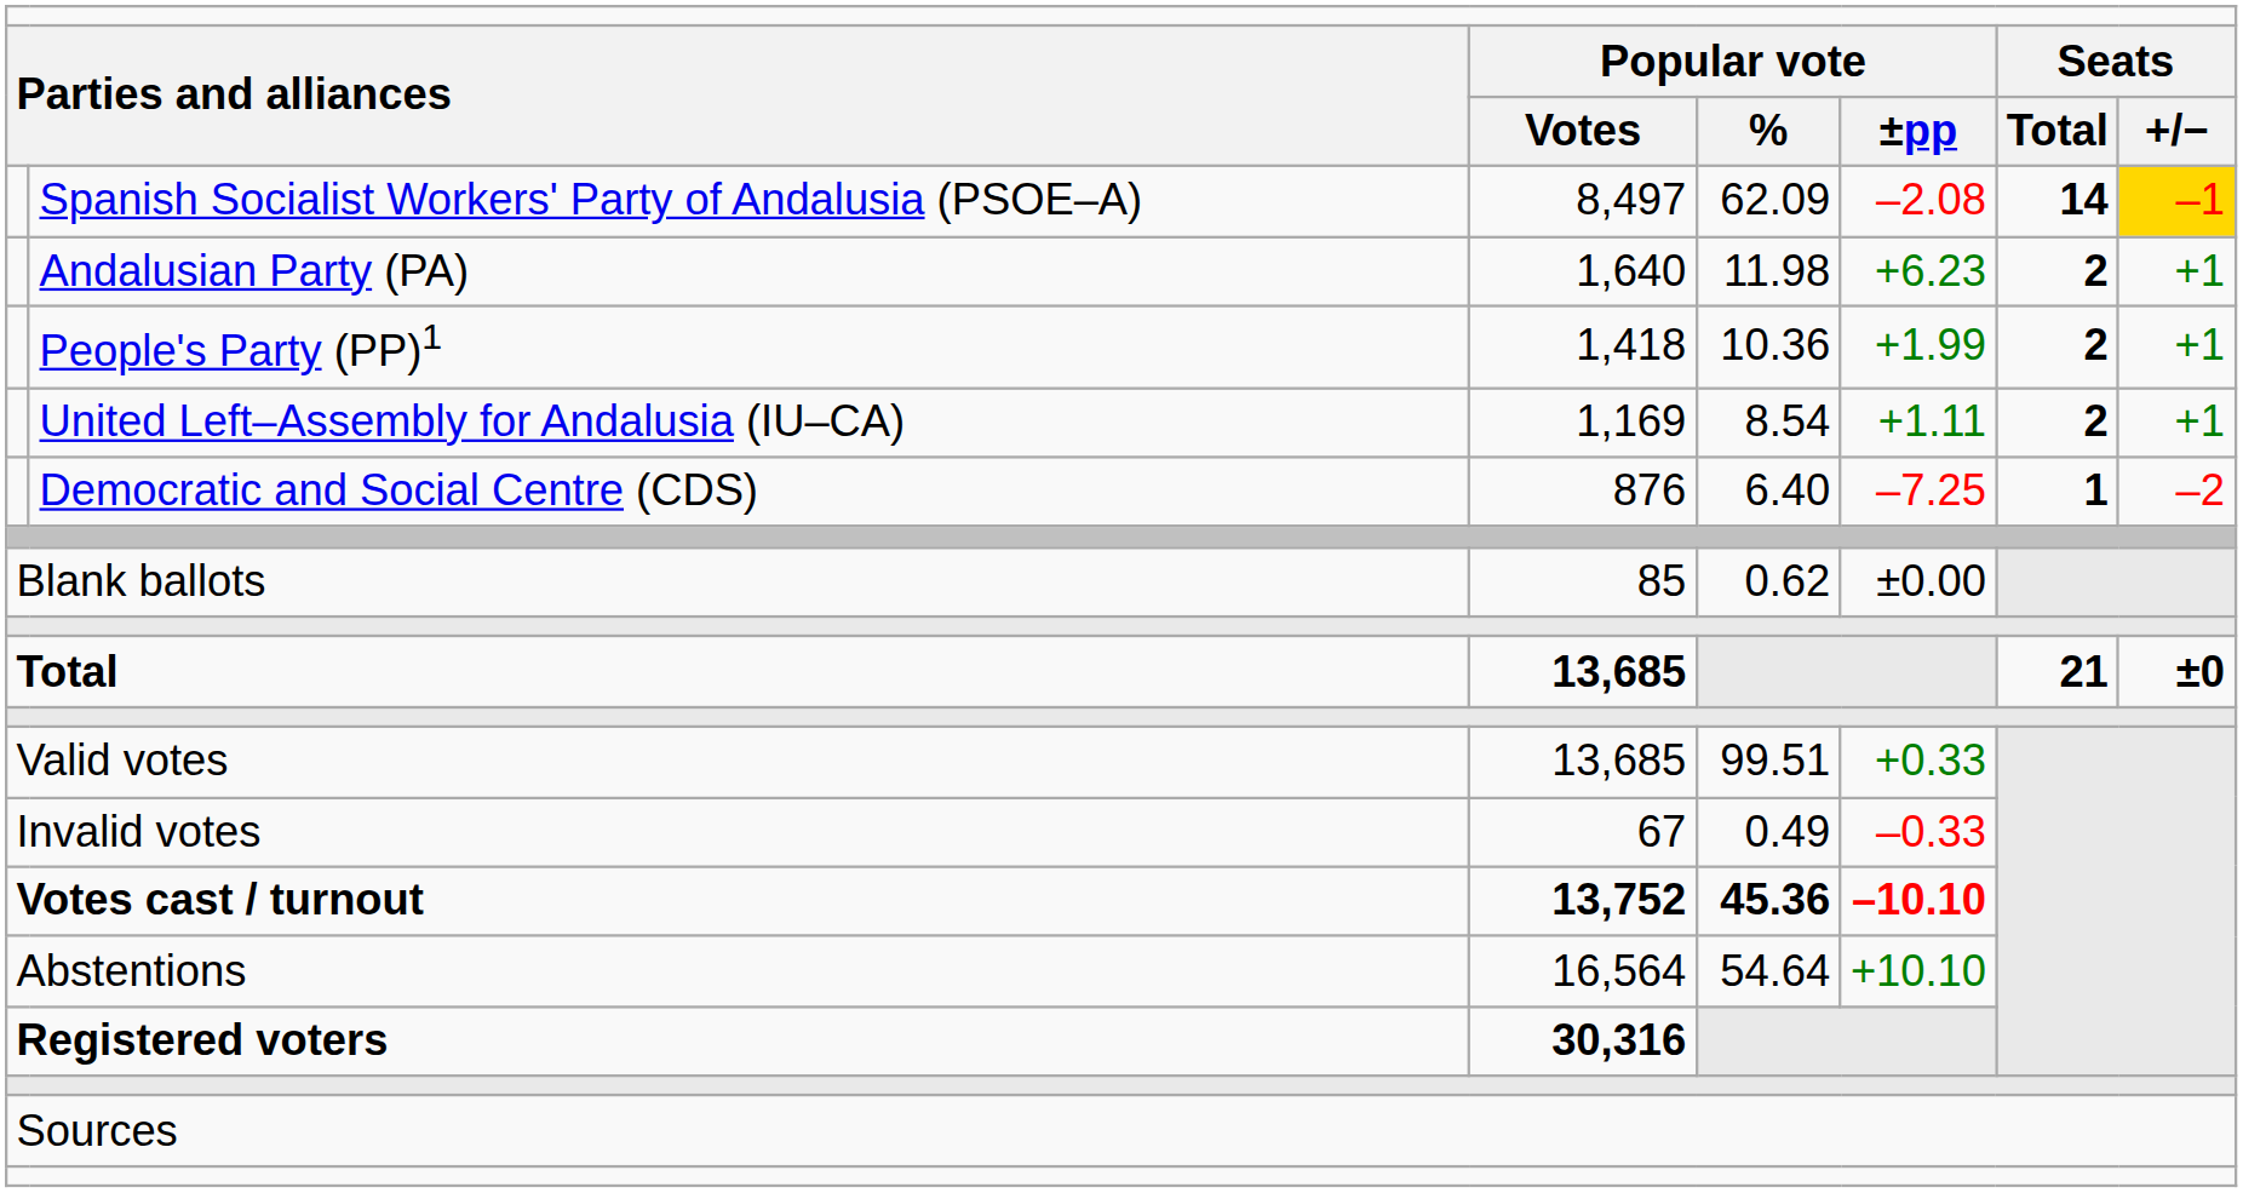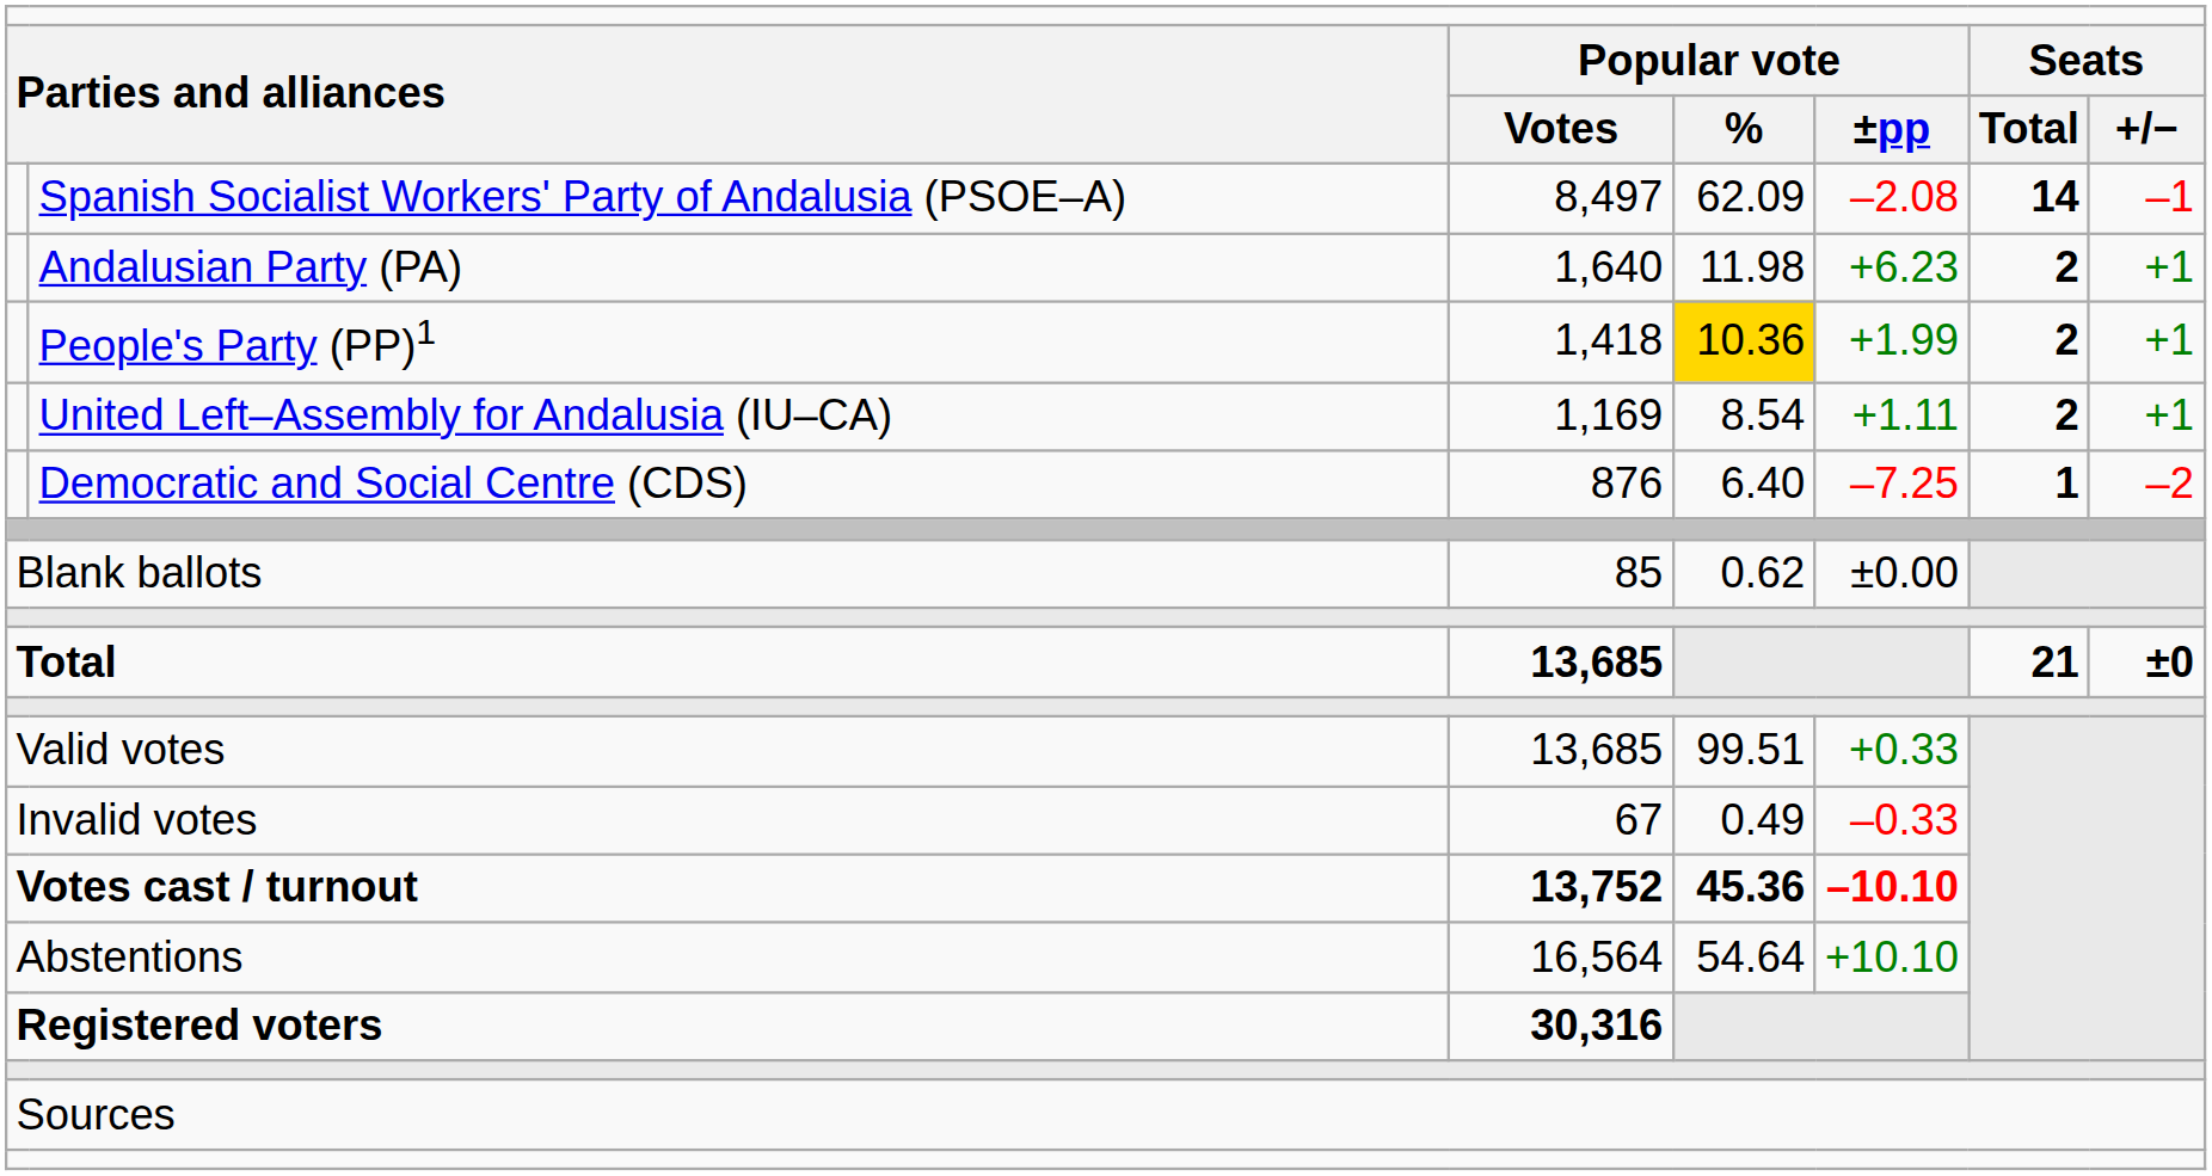 <table class="wikitable" style="text-align:right;">
 <tr>
 <td colspan="7"></td>
 </tr>
 <tr>
 <th style="text-align:left;" rowspan="2" colspan="2" width="525">Parties and alliances</th>
 <th colspan="3">Popular vote</th>
 <th colspan="2">Seats</th>
 </tr>
 <tr>
 <th width="75">Votes</th>
 <th width="45">%</th>
 <th width="45">±<a href='#'>pp</a></th>
 <th width="35">Total</th>
 <th width="35">+/−</th>
 </tr>
 <tr>
 <td width="1" style="color:inherit;background:"></td>
 <td align="left"><a href='#'>Spanish Socialist Workers' Party of Andalusia</a> (PSOE–A)</td>
 <td>8,497</td>
 <td>62.09</td>
 <td style="color:red;">–2.08</td>
 <td><strong>14</strong></td>
-<td style="background: gold; color:red;">–1</td>
+<td style="color:red;">–1</td>
 </tr>
 <tr>
 <td style="color:inherit;background:"></td>
 <td align="left"><a href='#'>Andalusian Party</a> (PA)</td>
 <td>1,640</td>
 <td>11.98</td>
 <td style="color:green;">+6.23</td>
 <td><strong>2</strong></td>
 <td style="color:green;">+1</td>
 </tr>
 <tr>
 <td style="color:inherit;background:"></td>
 <td align="left"><a href='#'>People's Party</a> (PP)<sup>1</sup></td>
 <td>1,418</td>
-<td>10.36</td>
+<td style="background: gold;">10.36</td>
 <td style="color:green;">+1.99</td>
 <td><strong>2</strong></td>
 <td style="color:green;">+1</td>
 </tr>
 <tr>
 <td style="color:inherit;background:"></td>
 <td align="left"><a href='#'>United Left–Assembly for Andalusia</a> (IU–CA)</td>
 <td>1,169</td>
 <td>8.54</td>
 <td style="color:green;">+1.11</td>
 <td><strong>2</strong></td>
 <td style="color:green;">+1</td>
 </tr>
 <tr>
 <td style="color:inherit;background:"></td>
 <td align="left"><a href='#'>Democratic and Social Centre</a> (CDS)</td>
 <td>876</td>
 <td>6.40</td>
 <td style="color:red;">–7.25</td>
 <td><strong>1</strong></td>
 <td style="color:red;">–2</td>
 </tr>
 <tr>
 <td colspan="7" bgcolor="#C0C0C0"></td>
 </tr>
 <tr>
 <td align="left" colspan="2">Blank ballots</td>
 <td>85</td>
 <td>0.62</td>
 <td>±0.00</td>
 <td bgcolor="#E9E9E9" colspan="2"></td>
 </tr>
 <tr>
 <td colspan="7" bgcolor="#E9E9E9"></td>
 </tr>
 <tr style="font-weight:bold;">
 <td align="left" colspan="2">Total</td>
 <td>13,685</td>
 <td bgcolor="#E9E9E9" colspan="2"></td>
 <td>21</td>
 <td>±0</td>
 </tr>
 <tr>
 <td colspan="7" bgcolor="#E9E9E9"></td>
 </tr>
 <tr>
 <td align="left" colspan="2">Valid votes</td>
 <td>13,685</td>
 <td>99.51</td>
 <td style="color:green;">+0.33</td>
 <td bgcolor="#E9E9E9" colspan="2" rowspan="5"></td>
 </tr>
 <tr>
 <td align="left" colspan="2">Invalid votes</td>
 <td>67</td>
 <td>0.49</td>
 <td style="color:red;">–0.33</td>
 </tr>
 <tr style="font-weight:bold;">
 <td align="left" colspan="2">Votes cast / turnout</td>
 <td>13,752</td>
 <td>45.36</td>
 <td style="color:red;">–10.10</td>
 </tr>
 <tr>
 <td align="left" colspan="2">Abstentions</td>
 <td>16,564</td>
 <td>54.64</td>
 <td style="color:green;">+10.10</td>
 </tr>
 <tr style="font-weight:bold;">
 <td align="left" colspan="2">Registered voters</td>
 <td>30,316</td>
 <td bgcolor="#E9E9E9" colspan="2"></td>
 </tr>
 <tr>
 <td colspan="7" bgcolor="#E9E9E9"></td>
 </tr>
 <tr>
 <td align="left" colspan="7">Sources</td>
 </tr>
 <tr>
 <td colspan="7" style="text-align:left; max-width:790px;"></td>
 </tr>
 </table>
